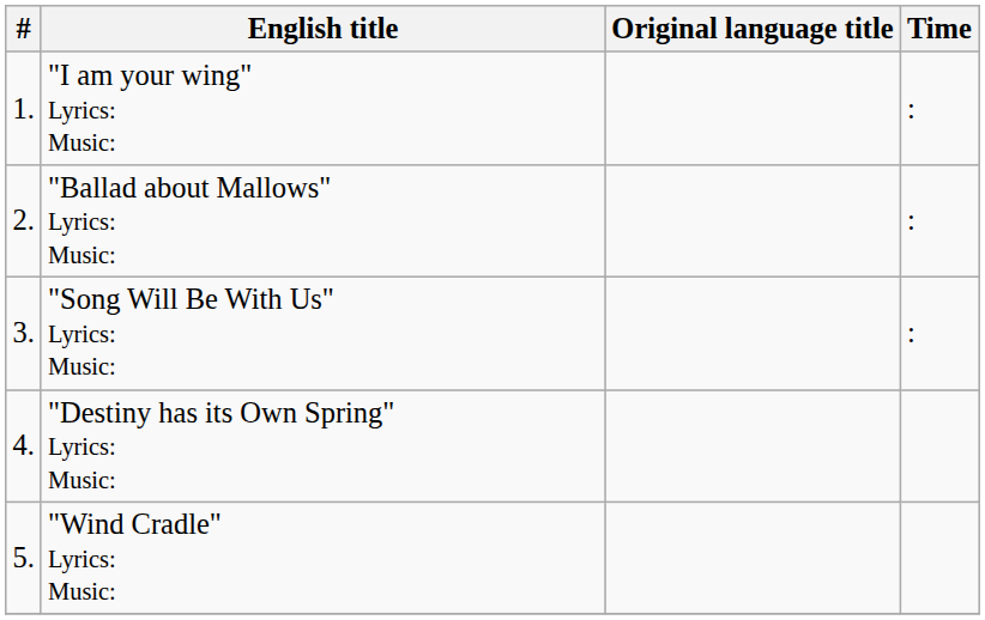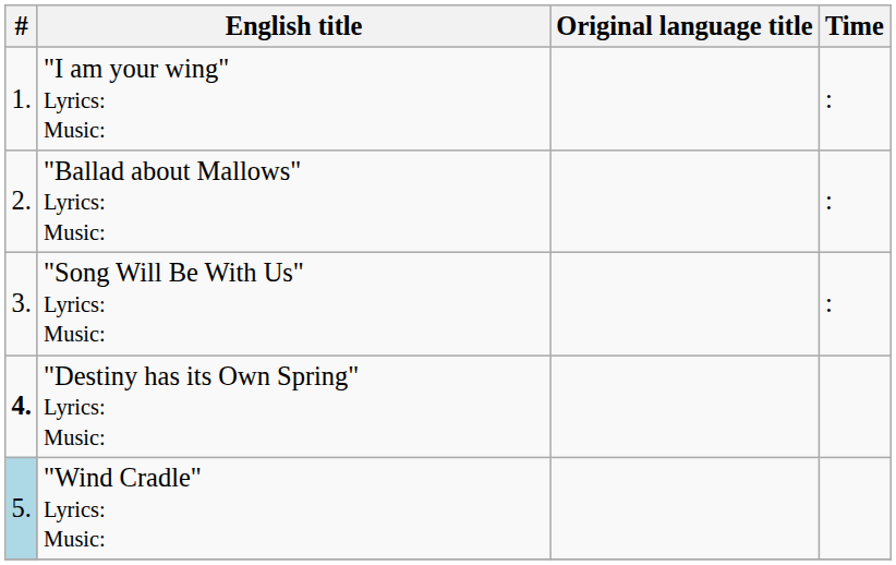 <table class="wikitable">
 <tr>
 <th>#</th>
 <th width="300">English title</th>
 <th>Original language title</th>
 <th>Time</th>
 </tr>
 <tr>
 <td>1.</td>
 <td>"I am your wing"<br><small>Lyrics:</small> <br><small>Music:</small></td>
 <td></td>
 <td>:</td>
 </tr>
 <tr>
 <td>2.</td>
 <td>"Ballad about Mallows"<br><small>Lyrics:</small> <br><small>Music:</small></td>
 <td></td>
 <td>:</td>
 </tr>
 <tr>
 <td>3.</td>
 <td>"Song Will Be With Us"<br><small>Lyrics:</small> <br><small>Music:</small></td>
 <td></td>
 <td>:</td>
 </tr>
 <tr>
-<td>4.</td>
+<td><strong>4.</strong></td>
 <td>"Destiny has its Own Spring"<br><small>Lyrics:</small> <br><small>Music:</small></td>
 <td></td>
 <td></td>
 </tr>
 <tr>
-<td>5.</td>
+<td style="background: lightblue;">5.</td>
 <td>"Wind Cradle"<br><small>Lyrics:</small> <br><small>Music:</small></td>
 <td></td>
 <td></td>
 </tr>
 <tr>
 </tr>
 </table>
